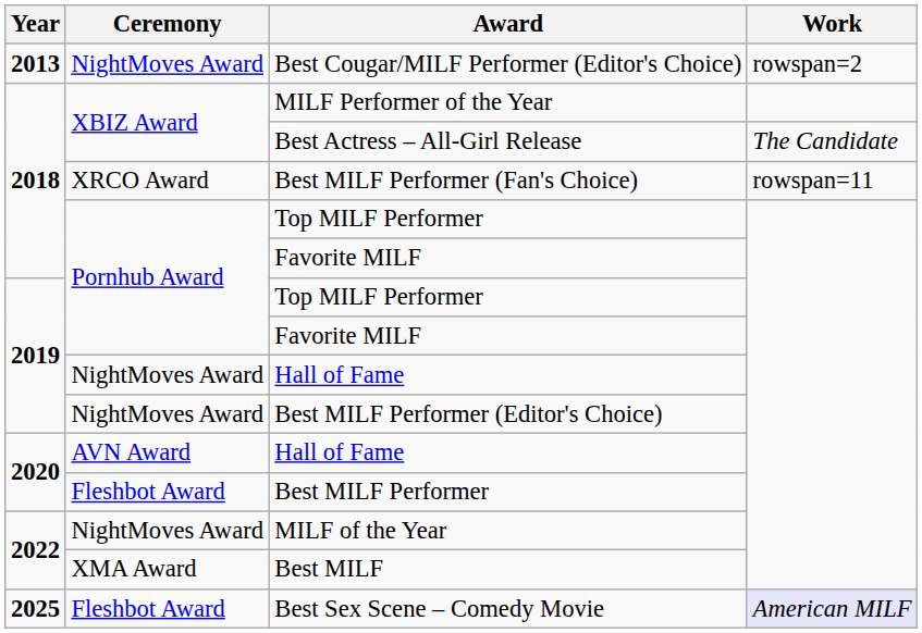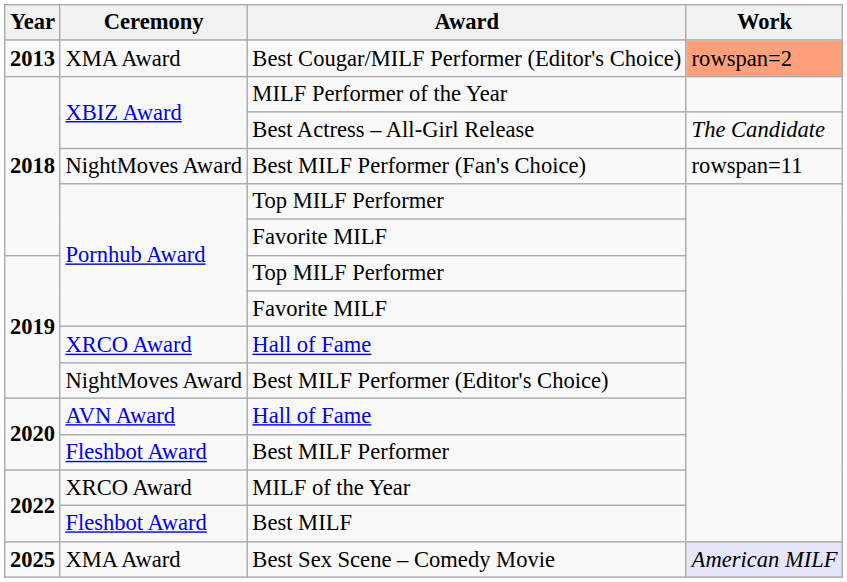 <table class="wikitable">
 <tr>
 <th>Year</th>
 <th>Ceremony</th>
 <th>Award</th>
 <th>Work</th>
 </tr>
 <tr>
 <td><strong>2013</strong></td>
-<td><a href='#'>NightMoves Award</a></td>
+<td>XMA Award</td>
 <td>Best Cougar/MILF Performer (Editor's Choice)</td>
-<td>rowspan=2 </td>
+<td style="background: lightsalmon;">rowspan=2 </td>
 </tr>
 <tr>
 <td rowspan=5><strong>2018</strong></td>
 <td rowspan=2><a href='#'>XBIZ Award</a></td>
 <td>MILF Performer of the Year</td>
 </tr>
 <tr>
 <td>Best Actress – All-Girl Release</td>
 <td><em>The Candidate</em></td>
 </tr>
 <tr>
-<td>XRCO Award</td>
+<td>NightMoves Award</td>
 <td>Best MILF Performer (Fan's Choice)</td>
 <td>rowspan=11 </td>
 </tr>
 <tr>
 <td rowspan=4><a href='#'>Pornhub Award</a></td>
 <td>Top MILF Performer</td>
 </tr>
 <tr>
 <td>Favorite MILF</td>
 </tr>
 <tr>
 <td rowspan=4><strong>2019</strong></td>
 <td>Top MILF Performer</td>
 </tr>
 <tr>
 <td>Favorite MILF</td>
 </tr>
 <tr>
-<td>NightMoves Award</td>
+<td><a href='#'>XRCO Award</a></td>
 <td><a href='#'>Hall of Fame</a></td>
 </tr>
 <tr>
 <td>NightMoves Award</td>
 <td>Best MILF Performer (Editor's Choice)</td>
 </tr>
 <tr>
 <td rowspan=2><strong>2020</strong></td>
 <td><a href='#'>AVN Award</a></td>
 <td><a href='#'>Hall of Fame</a></td>
 </tr>
 <tr>
 <td><a href='#'>Fleshbot Award</a></td>
 <td>Best MILF Performer</td>
 </tr>
 <tr>
 <td rowspan=2><strong>2022</strong></td>
-<td>NightMoves Award</td>
+<td>XRCO Award</td>
 <td>MILF of the Year</td>
 </tr>
 <tr>
-<td>XMA Award</td>
+<td><a href='#'>Fleshbot Award</a></td>
 <td>Best MILF</td>
 </tr>
 <tr>
 <td><strong>2025</strong></td>
-<td><a href='#'>Fleshbot Award</a></td>
+<td>XMA Award</td>
 <td>Best Sex Scene – Comedy Movie</td>
 <td style="background: lavender;"><em>American MILF</em></td>
 </tr>
 </table>
